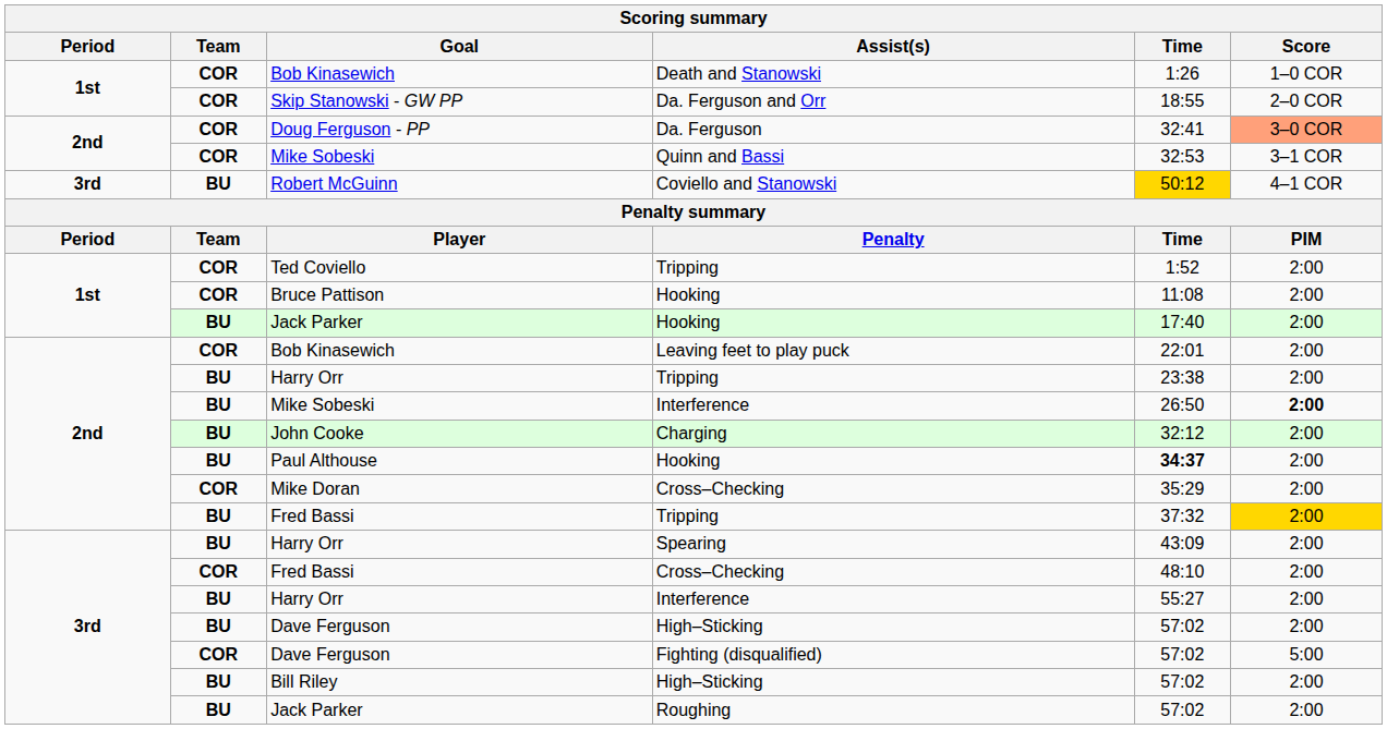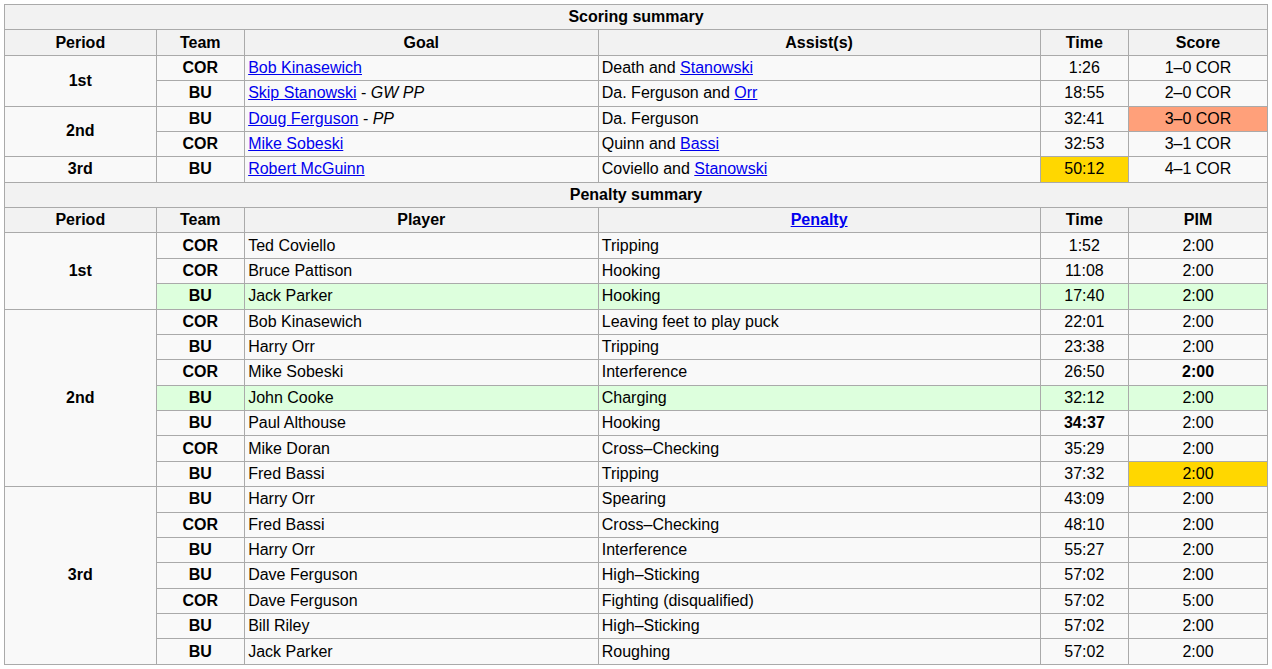 <table style="width:100%;" class="wikitable">
 <tr>
 <th colspan=6>Scoring summary</th>
 </tr>
 <tr>
 <th style="width:12%;">Period</th>
 <th style="width:7%;">Team</th>
 <th style="width:28%;">Goal</th>
 <th style="width:35%;">Assist(s)</th>
 <th style="width:7%;">Time</th>
 <th style="width:11%;">Score</th>
 </tr>
 <tr>
 <td style="text-align:center;" rowspan="2"><strong>1st</strong></td>
 <td align=center><strong>COR</strong></td>
 <td><a href='#'>Bob Kinasewich</a></td>
 <td>Death and <a href='#'>Stanowski</a></td>
 <td align=center>1:26</td>
 <td align=center>1–0 COR</td>
 </tr>
 <tr>
-<td align=center><strong>COR</strong></td>
+<td align=center><strong>BU</strong></td>
 <td><a href='#'>Skip Stanowski</a> - <em>GW PP</em></td>
 <td>Da. Ferguson and <a href='#'>Orr</a></td>
 <td align=center>18:55</td>
 <td align=center>2–0 COR</td>
 </tr>
 <tr>
 <td style="text-align:center;" rowspan="2"><strong>2nd</strong></td>
-<td align=center><strong>COR</strong></td>
+<td align=center><strong>BU</strong></td>
 <td><a href='#'>Doug Ferguson</a> - <em>PP</em></td>
 <td>Da. Ferguson</td>
 <td align=center>32:41</td>
 <td align=center style="background: lightsalmon;">3–0 COR</td>
 </tr>
 <tr>
 <td align=center><strong>COR</strong></td>
 <td><a href='#'>Mike Sobeski</a></td>
 <td>Quinn and <a href='#'>Bassi</a></td>
 <td align=center>32:53</td>
 <td align=center>3–1 COR</td>
 </tr>
 <tr>
 <td style="text-align:center;" rowspan="1"><strong>3rd</strong></td>
 <td align=center><strong>BU</strong></td>
 <td><a href='#'>Robert McGuinn</a></td>
 <td>Coviello and <a href='#'>Stanowski</a></td>
 <td align=center style="background: gold;">50:12</td>
 <td align=center>4–1 COR</td>
 </tr>
 <tr>
 <th colspan=6>Penalty summary</th>
 </tr>
 <tr>
 <th style="width:12%;">Period</th>
 <th style="width:7%;">Team</th>
 <th style="width:28%;">Player</th>
 <th style="width:35%;"><a href='#'>Penalty</a></th>
 <th style="width:7%;">Time</th>
 <th style="width:11%;">PIM</th>
 </tr>
 <tr>
 <td style="text-align:center;" rowspan="3"><strong>1st</strong></td>
 <td align=center><strong>COR</strong></td>
 <td>Ted Coviello</td>
 <td>Tripping</td>
 <td align=center>1:52</td>
 <td align=center>2:00</td>
 </tr>
 <tr>
 <td align=center><strong>COR</strong></td>
 <td>Bruce Pattison</td>
 <td>Hooking</td>
 <td align=center>11:08</td>
 <td align=center>2:00</td>
 </tr>
 <tr bgcolor=ddffdd>
 <td align=center><strong>BU</strong></td>
 <td>Jack Parker</td>
 <td>Hooking</td>
 <td align=center>17:40</td>
 <td align=center>2:00</td>
 </tr>
 <tr>
 <td style="text-align:center;" rowspan="7"><strong>2nd</strong></td>
 <td align=center><strong>COR</strong></td>
 <td>Bob Kinasewich</td>
 <td>Leaving feet to play puck</td>
 <td align=center>22:01</td>
 <td align=center>2:00</td>
 </tr>
 <tr>
 <td align=center><strong>BU</strong></td>
 <td>Harry Orr</td>
 <td>Tripping</td>
 <td align=center>23:38</td>
 <td align=center>2:00</td>
 </tr>
 <tr>
-<td align=center><strong>BU</strong></td>
+<td align=center><strong>COR</strong></td>
 <td>Mike Sobeski</td>
 <td>Interference</td>
 <td align=center>26:50</td>
 <td align=center><strong>2:00</strong></td>
 </tr>
 <tr bgcolor=ddffdd>
 <td align=center><strong>BU</strong></td>
 <td>John Cooke</td>
 <td>Charging</td>
 <td align=center>32:12</td>
 <td align=center>2:00</td>
 </tr>
 <tr>
 <td align=center><strong>BU</strong></td>
 <td>Paul Althouse</td>
 <td>Hooking</td>
 <td align=center><strong>34:37</strong></td>
 <td align=center>2:00</td>
 </tr>
 <tr>
 <td align=center><strong>COR</strong></td>
 <td>Mike Doran</td>
 <td>Cross–Checking</td>
 <td align=center>35:29</td>
 <td align=center>2:00</td>
 </tr>
 <tr>
 <td align=center><strong>BU</strong></td>
 <td>Fred Bassi</td>
 <td>Tripping</td>
 <td align=center>37:32</td>
 <td align=center style="background: gold;">2:00</td>
 </tr>
 <tr>
 <td style="text-align:center;" rowspan="7"><strong>3rd</strong></td>
 <td align=center><strong>BU</strong></td>
 <td>Harry Orr</td>
 <td>Spearing</td>
 <td align=center>43:09</td>
 <td align=center>2:00</td>
 </tr>
 <tr>
 <td align=center><strong>COR</strong></td>
 <td>Fred Bassi</td>
 <td>Cross–Checking</td>
 <td align=center>48:10</td>
 <td align=center>2:00</td>
 </tr>
 <tr>
 <td align=center><strong>BU</strong></td>
 <td>Harry Orr</td>
 <td>Interference</td>
 <td align=center>55:27</td>
 <td align=center>2:00</td>
 </tr>
 <tr>
 <td align=center><strong>BU</strong></td>
 <td>Dave Ferguson</td>
 <td>High–Sticking</td>
 <td align=center>57:02</td>
 <td align=center>2:00</td>
 </tr>
 <tr>
 <td align=center><strong>COR</strong></td>
 <td>Dave Ferguson</td>
 <td>Fighting (disqualified)</td>
 <td align=center>57:02</td>
 <td align=center>5:00</td>
 </tr>
 <tr>
 <td align=center><strong>BU</strong></td>
 <td>Bill Riley</td>
 <td>High–Sticking</td>
 <td align=center>57:02</td>
 <td align=center>2:00</td>
 </tr>
 <tr>
 <td align=center><strong>BU</strong></td>
 <td>Jack Parker</td>
 <td>Roughing</td>
 <td align=center>57:02</td>
 <td align=center>2:00</td>
 </tr>
 <tr>
 </tr>
 </table>
